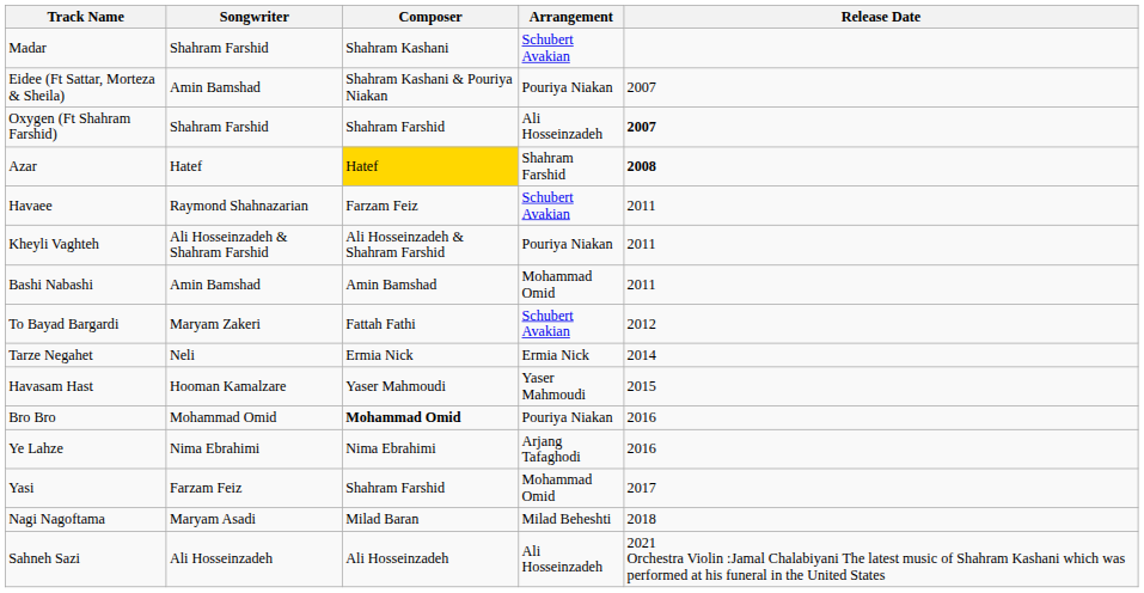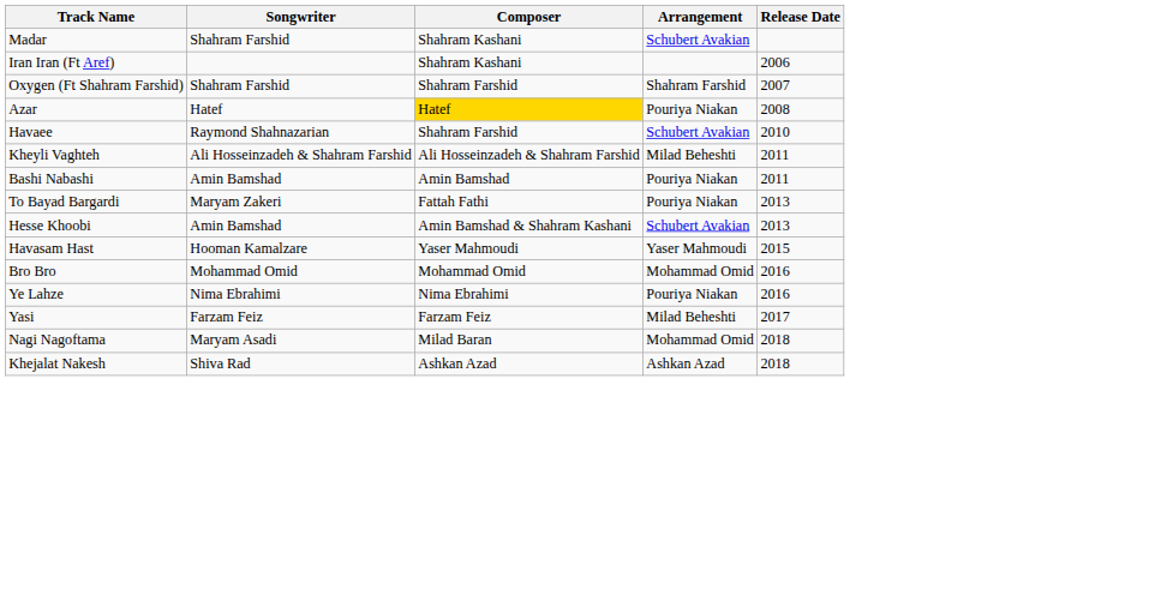 <table class="wikitable">
 <tr>
 <th>Track Name</th>
 <th>Songwriter</th>
 <th>Composer</th>
 <th>Arrangement</th>
 <th>Release Date</th>
 </tr>
 <tr>
 <td>Madar</td>
 <td>Shahram Farshid</td>
 <td>Shahram Kashani</td>
 <td><a href='#'>Schubert Avakian</a></td>
 <td></td>
 </tr>
 <tr>
-<td>Eidee (Ft Sattar, Morteza & Sheila)</td>
-<td>Amin Bamshad</td>
-<td>Shahram Kashani & Pouriya Niakan</td>
-<td>Pouriya Niakan</td>
-<td>2007</td>
+<td>Iran Iran (Ft <a href='#'>Aref</a>)</td>
+<td></td>
+<td>Shahram Kashani</td>
+<td></td>
+<td>2006</td>
 </tr>
 <tr>
 <td>Oxygen (Ft Shahram Farshid)</td>
 <td>Shahram Farshid</td>
 <td>Shahram Farshid</td>
-<td>Ali Hosseinzadeh</td>
-<td><strong>2007</strong></td>
+<td>Shahram Farshid</td>
+<td>2007</td>
 </tr>
 <tr>
 <td>Azar</td>
 <td>Hatef</td>
 <td style="background: gold;">Hatef</td>
-<td>Shahram Farshid</td>
-<td><strong>2008</strong></td>
+<td>Pouriya Niakan</td>
+<td>2008</td>
 </tr>
 <tr>
 <td>Havaee</td>
 <td>Raymond Shahnazarian</td>
-<td>Farzam Feiz</td>
+<td>Shahram Farshid</td>
 <td><a href='#'>Schubert Avakian</a></td>
-<td>2011</td>
+<td>2010</td>
 </tr>
 <tr>
 <td>Kheyli Vaghteh</td>
 <td>Ali Hosseinzadeh & Shahram Farshid</td>
 <td>Ali Hosseinzadeh & Shahram Farshid</td>
-<td>Pouriya Niakan</td>
+<td>Milad Beheshti</td>
 <td>2011</td>
 </tr>
 <tr>
 <td>Bashi Nabashi</td>
 <td>Amin Bamshad</td>
 <td>Amin Bamshad</td>
-<td>Mohammad Omid</td>
+<td>Pouriya Niakan</td>
 <td>2011</td>
 </tr>
 <tr>
 <td>To Bayad Bargardi</td>
 <td>Maryam Zakeri</td>
 <td>Fattah Fathi</td>
-<td><a href='#'>Schubert Avakian</a></td>
-<td>2012</td>
+<td>Pouriya Niakan</td>
+<td>2013</td>
 </tr>
 <tr>
-<td>Tarze Negahet</td>
-<td>Neli</td>
-<td>Ermia Nick</td>
-<td>Ermia Nick</td>
-<td>2014</td>
+<td>Hesse Khoobi</td>
+<td>Amin Bamshad</td>
+<td>Amin Bamshad & Shahram Kashani</td>
+<td><a href='#'>Schubert Avakian</a></td>
+<td>2013</td>
 </tr>
 <tr>
 <td>Havasam Hast</td>
 <td>Hooman Kamalzare</td>
 <td>Yaser Mahmoudi</td>
 <td>Yaser Mahmoudi</td>
 <td>2015</td>
 </tr>
 <tr>
 <td>Bro Bro</td>
 <td>Mohammad Omid</td>
-<td><strong>Mohammad Omid</strong></td>
-<td>Pouriya Niakan</td>
+<td>Mohammad Omid</td>
+<td>Mohammad Omid</td>
 <td>2016</td>
 </tr>
 <tr>
 <td>Ye Lahze</td>
 <td>Nima Ebrahimi</td>
 <td>Nima Ebrahimi</td>
-<td>Arjang Tafaghodi</td>
+<td>Pouriya Niakan</td>
 <td>2016</td>
 </tr>
 <tr>
 <td>Yasi</td>
 <td>Farzam Feiz</td>
-<td>Shahram Farshid</td>
-<td>Mohammad Omid</td>
+<td>Farzam Feiz</td>
+<td>Milad Beheshti</td>
 <td>2017</td>
 </tr>
 <tr>
 <td>Nagi Nagoftama</td>
 <td>Maryam Asadi</td>
 <td>Milad Baran</td>
-<td>Milad Beheshti</td>
+<td>Mohammad Omid</td>
 <td>2018</td>
 </tr>
 <tr>
-<td>Sahneh Sazi</td>
-<td>Ali Hosseinzadeh</td>
-<td>Ali Hosseinzadeh</td>
-<td>Ali Hosseinzadeh</td>
-<td>2021<br>Orchestra Violin :Jamal Chalabiyani The latest music of Shahram Kashani which was performed at his funeral in the United States</td>
+<td>Khejalat Nakesh</td>
+<td>Shiva Rad</td>
+<td>Ashkan Azad</td>
+<td>Ashkan Azad</td>
+<td>2018</td>
 </tr>
 </table>
